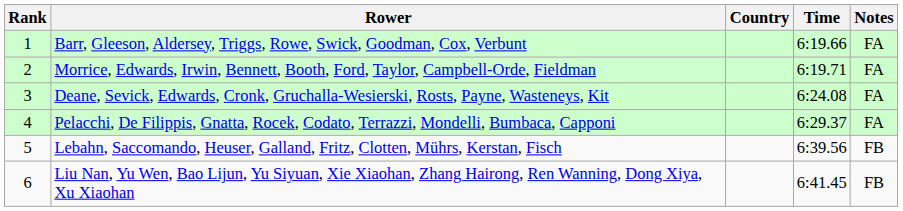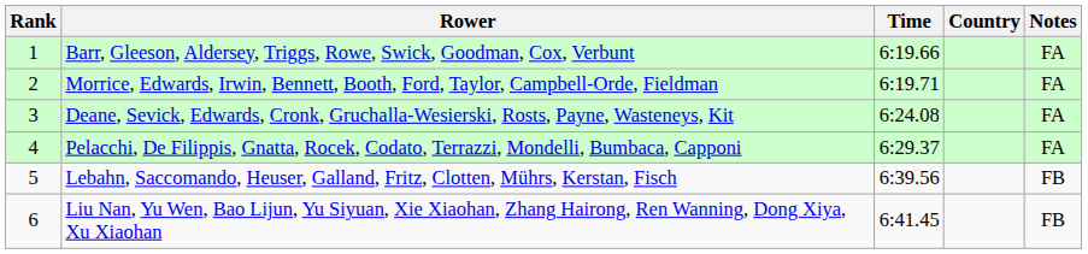 <table class="wikitable" style="text-align:center">
 <tr>
 <th>Rank</th>
 <th>Rower</th>
+<th>Time</th>
 <th>Country</th>
-<th>Time</th>
 <th>Notes</th>
 </tr>
 <tr bgcolor=ccffcc>
 <td>1</td>
 <td align="left"><a href='#'>Barr</a>, <a href='#'>Gleeson</a>, <a href='#'>Aldersey</a>, <a href='#'>Triggs</a>, <a href='#'>Rowe</a>, <a href='#'>Swick</a>, <a href='#'>Goodman</a>, <a href='#'>Cox</a>, <a href='#'>Verbunt</a></td>
+<td>6:19.66</td>
 <td align="left"></td>
-<td>6:19.66</td>
 <td>FA</td>
 </tr>
 <tr bgcolor=ccffcc>
 <td>2</td>
 <td align="left"><a href='#'>Morrice</a>, <a href='#'>Edwards</a>, <a href='#'>Irwin</a>, <a href='#'>Bennett</a>, <a href='#'>Booth</a>, <a href='#'>Ford</a>, <a href='#'>Taylor</a>, <a href='#'>Campbell-Orde</a>, <a href='#'>Fieldman</a></td>
+<td>6:19.71</td>
 <td align="left"></td>
-<td>6:19.71</td>
 <td>FA</td>
 </tr>
 <tr bgcolor=ccffcc>
 <td>3</td>
 <td align="left"><a href='#'>Deane</a>, <a href='#'>Sevick</a>, <a href='#'>Edwards</a>, <a href='#'>Cronk</a>, <a href='#'>Gruchalla-Wesierski</a>, <a href='#'>Rosts</a>, <a href='#'>Payne</a>, <a href='#'>Wasteneys</a>, <a href='#'>Kit</a></td>
+<td>6:24.08</td>
 <td align="left"></td>
-<td>6:24.08</td>
 <td>FA</td>
 </tr>
 <tr bgcolor=ccffcc>
 <td>4</td>
 <td align="left"><a href='#'>Pelacchi</a>, <a href='#'>De Filippis</a>, <a href='#'>Gnatta</a>, <a href='#'>Rocek</a>, <a href='#'>Codato</a>, <a href='#'>Terrazzi</a>, <a href='#'>Mondelli</a>, <a href='#'>Bumbaca</a>, <a href='#'>Capponi</a></td>
+<td>6:29.37</td>
 <td align="left"></td>
-<td>6:29.37</td>
 <td>FA</td>
 </tr>
 <tr>
 <td>5</td>
 <td align="left"><a href='#'>Lebahn</a>, <a href='#'>Saccomando</a>, <a href='#'>Heuser</a>, <a href='#'>Galland</a>, <a href='#'>Fritz</a>, <a href='#'>Clotten</a>, <a href='#'>Mührs</a>, <a href='#'>Kerstan</a>, <a href='#'>Fisch</a></td>
+<td>6:39.56</td>
 <td align="left"></td>
-<td>6:39.56</td>
 <td>FB</td>
 </tr>
 <tr>
 <td>6</td>
 <td align="left"><a href='#'>Liu Nan</a>, <a href='#'>Yu Wen</a>, <a href='#'>Bao Lijun</a>, <a href='#'>Yu Siyuan</a>, <a href='#'>Xie Xiaohan</a>, <a href='#'>Zhang Hairong</a>, <a href='#'>Ren Wanning</a>, <a href='#'>Dong Xiya</a>, <a href='#'>Xu Xiaohan</a></td>
+<td>6:41.45</td>
 <td align="left"></td>
-<td>6:41.45</td>
 <td>FB</td>
 </tr>
 </table>
